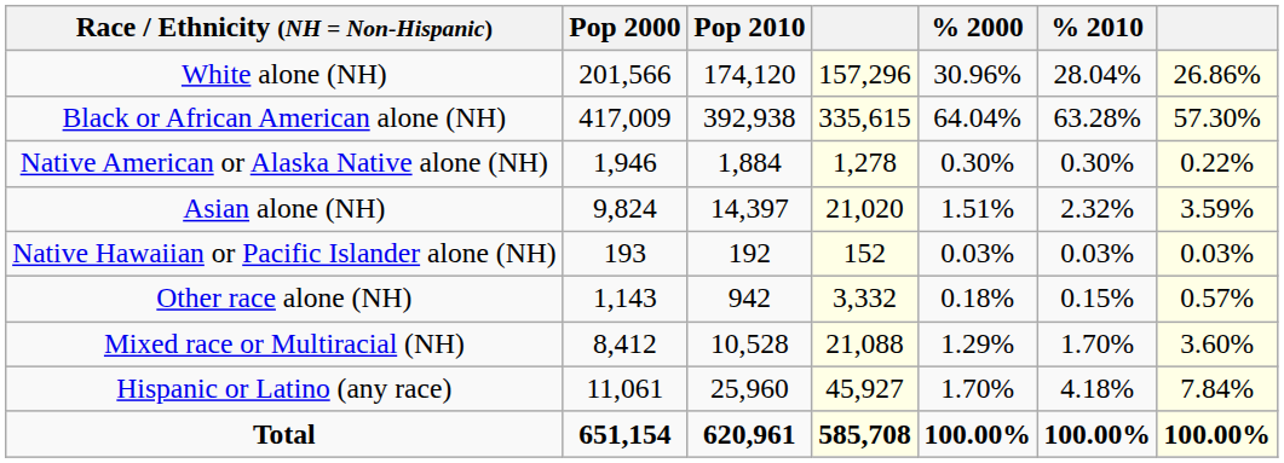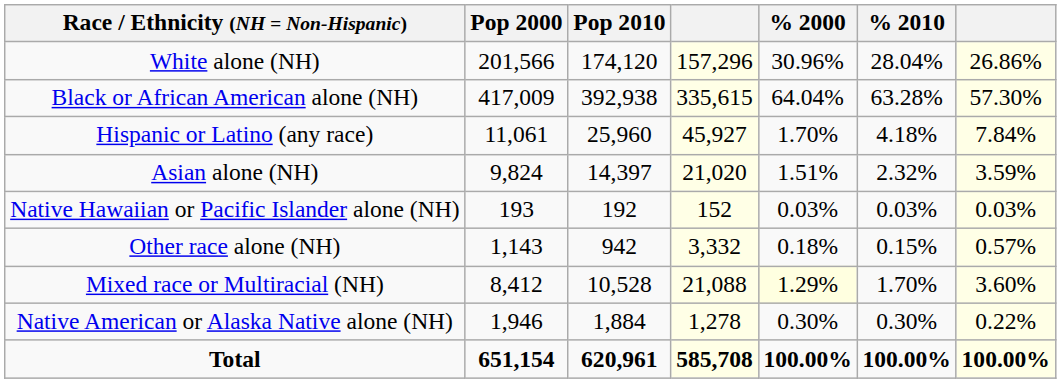 <table class="wikitable" style="text-align:center;">
 <tr>
 <th>Race / Ethnicity <small>(<em>NH = Non-Hispanic</em>)</small></th>
 <th>Pop 2000</th>
 <th>Pop 2010</th>
 <th></th>
 <th>% 2000</th>
 <th>% 2010</th>
 <th></th>
 </tr>
 <tr>
 <td><a href='#'>White</a> alone (NH)</td>
 <td>201,566</td>
 <td>174,120</td>
 <td style='background: #ffffe6;'>157,296</td>
 <td>30.96%</td>
 <td>28.04%</td>
 <td style='background: #ffffe6;'>26.86%</td>
 </tr>
 <tr>
 <td><a href='#'>Black or African American</a> alone (NH)</td>
 <td>417,009</td>
 <td>392,938</td>
 <td style='background: #ffffe6;'>335,615</td>
 <td>64.04%</td>
 <td>63.28%</td>
 <td style='background: #ffffe6;'>57.30%</td>
 </tr>
 <tr>
-<td><a href='#'>Native American</a> or <a href='#'>Alaska Native</a> alone (NH)</td>
-<td>1,946</td>
-<td>1,884</td>
-<td style='background: #ffffe6;'>1,278</td>
-<td>0.30%</td>
-<td>0.30%</td>
-<td style='background: #ffffe6;'>0.22%</td>
+<td><a href='#'>Hispanic or Latino</a> (any race)</td>
+<td>11,061</td>
+<td>25,960</td>
+<td style='background: #ffffe6;'>45,927</td>
+<td>1.70%</td>
+<td>4.18%</td>
+<td style='background: #ffffe6;'>7.84%</td>
 </tr>
 <tr>
 <td><a href='#'>Asian</a> alone (NH)</td>
 <td>9,824</td>
 <td>14,397</td>
 <td style='background: #ffffe6;'>21,020</td>
 <td>1.51%</td>
 <td>2.32%</td>
 <td style='background: #ffffe6;'>3.59%</td>
 </tr>
 <tr>
 <td><a href='#'>Native Hawaiian</a> or <a href='#'>Pacific Islander</a> alone (NH)</td>
 <td>193</td>
 <td>192</td>
 <td style='background: #ffffe6;'>152</td>
 <td>0.03%</td>
 <td>0.03%</td>
 <td style='background: #ffffe6;'>0.03%</td>
 </tr>
 <tr>
 <td><a href='#'>Other race</a> alone (NH)</td>
 <td>1,143</td>
 <td>942</td>
 <td style='background: #ffffe6;'>3,332</td>
 <td>0.18%</td>
 <td>0.15%</td>
 <td style='background: #ffffe6;'>0.57%</td>
 </tr>
 <tr>
 <td><a href='#'>Mixed race or Multiracial</a> (NH)</td>
 <td>8,412</td>
 <td>10,528</td>
 <td style='background: #ffffe6;'>21,088</td>
-<td>1.29%</td>
+<td style="background: lightyellow;">1.29%</td>
 <td>1.70%</td>
 <td style='background: #ffffe6;'>3.60%</td>
 </tr>
 <tr>
-<td><a href='#'>Hispanic or Latino</a> (any race)</td>
-<td>11,061</td>
-<td>25,960</td>
-<td style='background: #ffffe6;'>45,927</td>
-<td>1.70%</td>
-<td>4.18%</td>
-<td style='background: #ffffe6;'>7.84%</td>
+<td><a href='#'>Native American</a> or <a href='#'>Alaska Native</a> alone (NH)</td>
+<td>1,946</td>
+<td>1,884</td>
+<td style='background: #ffffe6;'>1,278</td>
+<td>0.30%</td>
+<td>0.30%</td>
+<td style='background: #ffffe6;'>0.22%</td>
 </tr>
 <tr>
 <td><strong>Total</strong></td>
 <td><strong>651,154</strong></td>
 <td><strong>620,961</strong></td>
 <td style='background: #ffffe6;'><strong>585,708</strong></td>
 <td><strong>100.00%</strong></td>
 <td><strong>100.00%</strong></td>
 <td style='background: #ffffe6;'><strong>100.00%</strong></td>
 </tr>
 </table>
